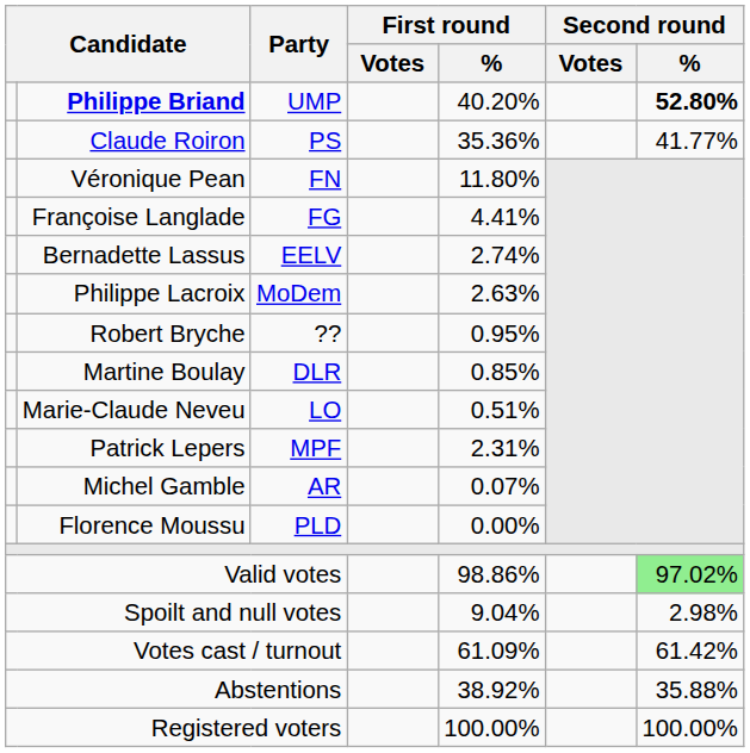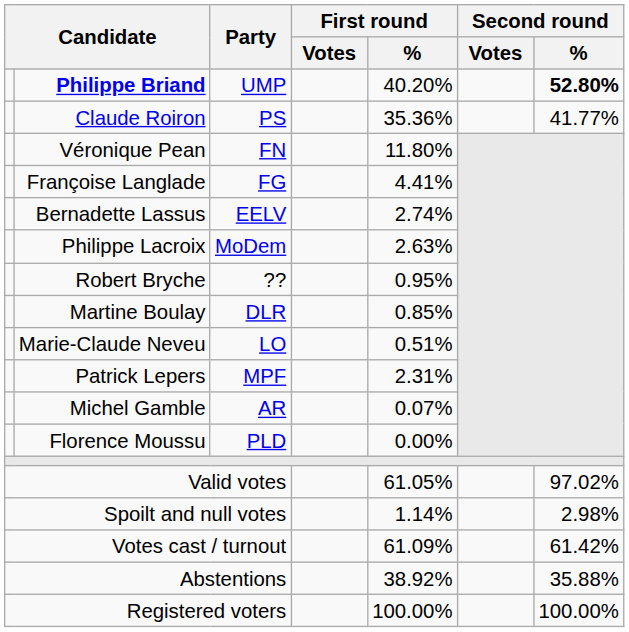 <table class="wikitable" style="text-align:right;font-size:95%;">
 <tr>
 <th rowspan=2 colspan=2>Candidate</th>
 <th rowspan=2 colspan=1>Party</th>
 <th colspan=2>First round</th>
 <th colspan=2>Second round</th>
 </tr>
 <tr>
 <th style="width:50px;">Votes</th>
 <th style="width:55px;">%</th>
 <th style="width:50px;">Votes</th>
 <th style="width:55px;">%</th>
 </tr>
 <tr>
 <td style="color:inherit;background-color:"></td>
 <td><strong><a href='#'>Philippe Briand</a></strong></td>
 <td><a href='#'>UMP</a></td>
 <td></td>
 <td>40.20%</td>
 <td><strong></strong></td>
 <td><strong>52.80%</strong></td>
 </tr>
 <tr>
 <td style="color:inherit;background-color:"></td>
 <td><a href='#'>Claude Roiron</a></td>
 <td><a href='#'>PS</a></td>
 <td></td>
 <td>35.36%</td>
 <td></td>
 <td>41.77%</td>
 </tr>
 <tr>
 <td style="color:inherit;background-color:"></td>
 <td>Véronique Pean</td>
 <td><a href='#'>FN</a></td>
 <td></td>
 <td>11.80%</td>
 <td colspan=7 rowspan=10 style="background-color:#E9E9E9;"></td>
 </tr>
 <tr>
 <td style="color:inherit;background-color:"></td>
 <td>Françoise Langlade</td>
 <td><a href='#'>FG</a></td>
 <td></td>
 <td>4.41%</td>
 </tr>
 <tr>
 <td style="color:inherit;background-color:"></td>
 <td>Bernadette Lassus</td>
 <td><a href='#'>EELV</a></td>
 <td></td>
 <td>2.74%</td>
 </tr>
 <tr>
 <td style="color:inherit;background-color:"></td>
 <td>Philippe Lacroix</td>
 <td><a href='#'>MoDem</a></td>
 <td></td>
 <td>2.63%</td>
 </tr>
 <tr>
 <td style="background-color:;"></td>
 <td>Robert Bryche</td>
 <td>??</td>
 <td></td>
 <td>0.95%</td>
 </tr>
 <tr>
 <td style="color:inherit;background-color:"></td>
 <td>Martine Boulay</td>
 <td><a href='#'>DLR</a></td>
 <td></td>
 <td>0.85%</td>
 </tr>
 <tr>
 <td style="color:inherit;background-color:"></td>
 <td>Marie-Claude Neveu</td>
 <td><a href='#'>LO</a></td>
 <td></td>
 <td>0.51%</td>
 </tr>
 <tr>
 <td style="color:inherit;background-color:"></td>
 <td>Patrick Lepers</td>
 <td><a href='#'>MPF</a></td>
 <td></td>
 <td>2.31%</td>
 </tr>
 <tr>
 <td style="color:inherit;background-color:"></td>
 <td>Michel Gamble</td>
 <td><a href='#'>AR</a></td>
 <td></td>
 <td>0.07%</td>
 </tr>
 <tr>
 <td style="color:inherit;background-color:"></td>
 <td>Florence Moussu</td>
 <td><a href='#'>PLD</a></td>
 <td></td>
 <td>0.00%</td>
 </tr>
 <tr>
 <td colspan=7 style="background-color:#E9E9E9;"></td>
 </tr>
 <tr>
 <td colspan=3>Valid votes</td>
 <td></td>
-<td>98.86%</td>
+<td>61.05%</td>
 <td></td>
-<td style="background: lightgreen;">97.02%</td>
+<td>97.02%</td>
 </tr>
 <tr>
 <td colspan=3>Spoilt and null votes</td>
 <td></td>
-<td>9.04%</td>
+<td>1.14%</td>
 <td></td>
 <td>2.98%</td>
 </tr>
 <tr>
 <td colspan=3>Votes cast / turnout</td>
 <td></td>
 <td>61.09%</td>
 <td></td>
 <td>61.42%</td>
 </tr>
 <tr>
 <td colspan=3>Abstentions</td>
 <td></td>
 <td>38.92%</td>
 <td></td>
 <td>35.88%</td>
 </tr>
 <tr>
 <td colspan=3>Registered voters</td>
 <td></td>
 <td>100.00%</td>
 <td></td>
 <td>100.00%</td>
 </tr>
 </table>
